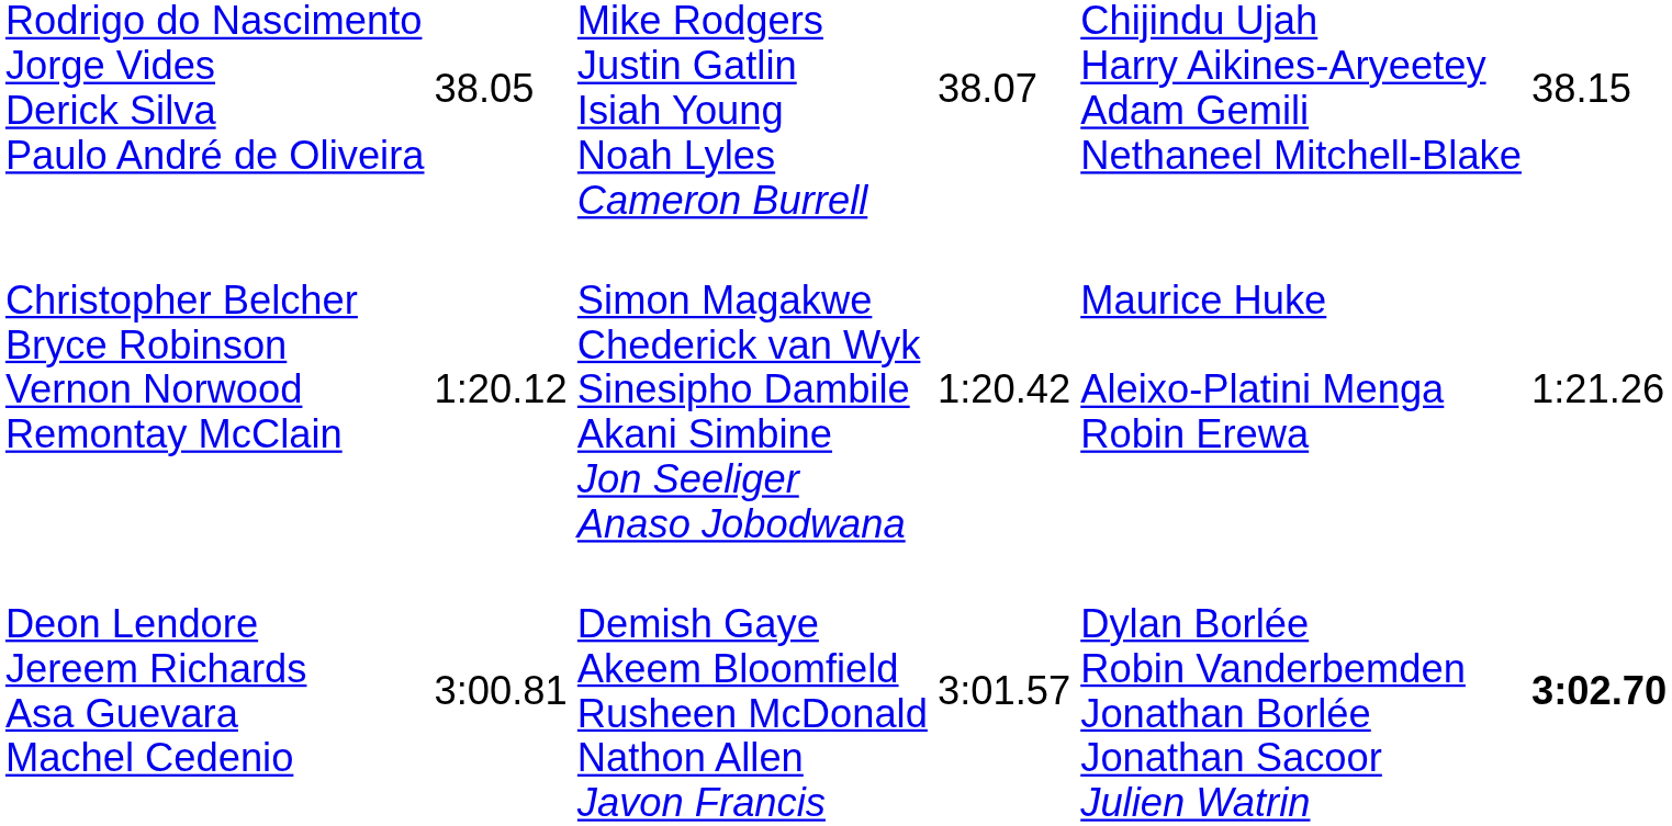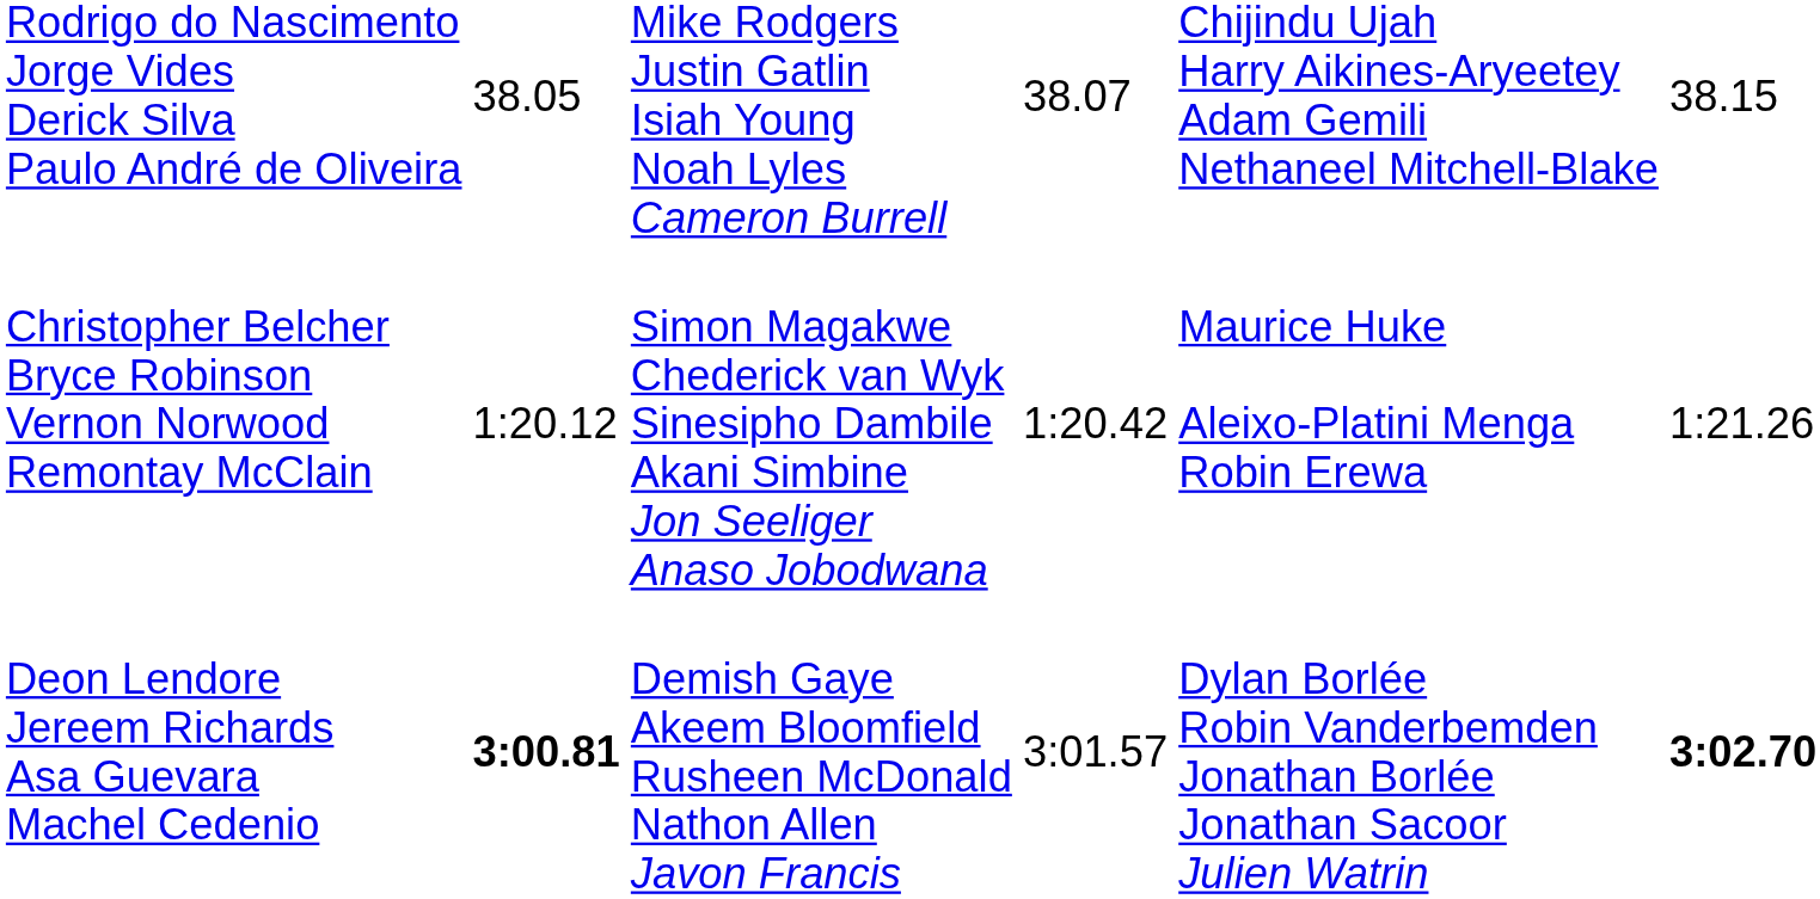 <table>
 <tr>
 <td></td>
 <td valign=top><br><a href='#'>Rodrigo do Nascimento</a><br><a href='#'>Jorge Vides</a><br><a href='#'>Derick Silva</a><br><a href='#'>Paulo André de Oliveira</a></td>
 <td>38.05</td>
 <td><br><a href='#'>Mike Rodgers</a><br><a href='#'>Justin Gatlin</a><br><a href='#'>Isiah Young</a><br><a href='#'>Noah Lyles</a><br><em><a href='#'>Cameron Burrell</a></em></td>
 <td>38.07</td>
 <td valign=top><br><a href='#'>Chijindu Ujah</a><br><a href='#'>Harry Aikines-Aryeetey</a><br><a href='#'>Adam Gemili</a><br><a href='#'>Nethaneel Mitchell-Blake</a></td>
 <td>38.15</td>
 </tr>
 <tr>
 <td></td>
 <td valign=top><br><a href='#'>Christopher Belcher</a><br><a href='#'>Bryce Robinson</a><br><a href='#'>Vernon Norwood</a><br><a href='#'>Remontay McClain</a></td>
 <td>1:20.12</td>
 <td><br><a href='#'>Simon Magakwe</a><br><a href='#'>Chederick van Wyk</a><br><a href='#'>Sinesipho Dambile</a><br><a href='#'>Akani Simbine</a><br><em><a href='#'>Jon Seeliger</a><br><a href='#'>Anaso Jobodwana</a></em></td>
 <td>1:20.42 </td>
 <td valign=top><br><a href='#'>Maurice Huke</a><br><br><a href='#'>Aleixo-Platini Menga</a><br><a href='#'>Robin Erewa</a></td>
 <td>1:21.26  </td>
 </tr>
 <tr>
 <td></td>
 <td valign=top><br><a href='#'>Deon Lendore</a><br><a href='#'>Jereem Richards</a><br><a href='#'>Asa Guevara</a><br><a href='#'>Machel Cedenio</a></td>
-<td>3:00.81</td>
+<td><strong>3:00.81</strong></td>
 <td><br><a href='#'>Demish Gaye</a><br><a href='#'>Akeem Bloomfield</a><br><a href='#'>Rusheen McDonald</a><br><a href='#'>Nathon Allen</a><br><em><a href='#'>Javon Francis</a></em></td>
 <td>3:01.57</td>
 <td><br><a href='#'>Dylan Borlée</a><br><a href='#'>Robin Vanderbemden</a><br><a href='#'>Jonathan Borlée</a><br><a href='#'>Jonathan Sacoor</a><br><em><a href='#'>Julien Watrin</a></em></td>
 <td><strong>3:02.70</strong></td>
 </tr>
 </table>
